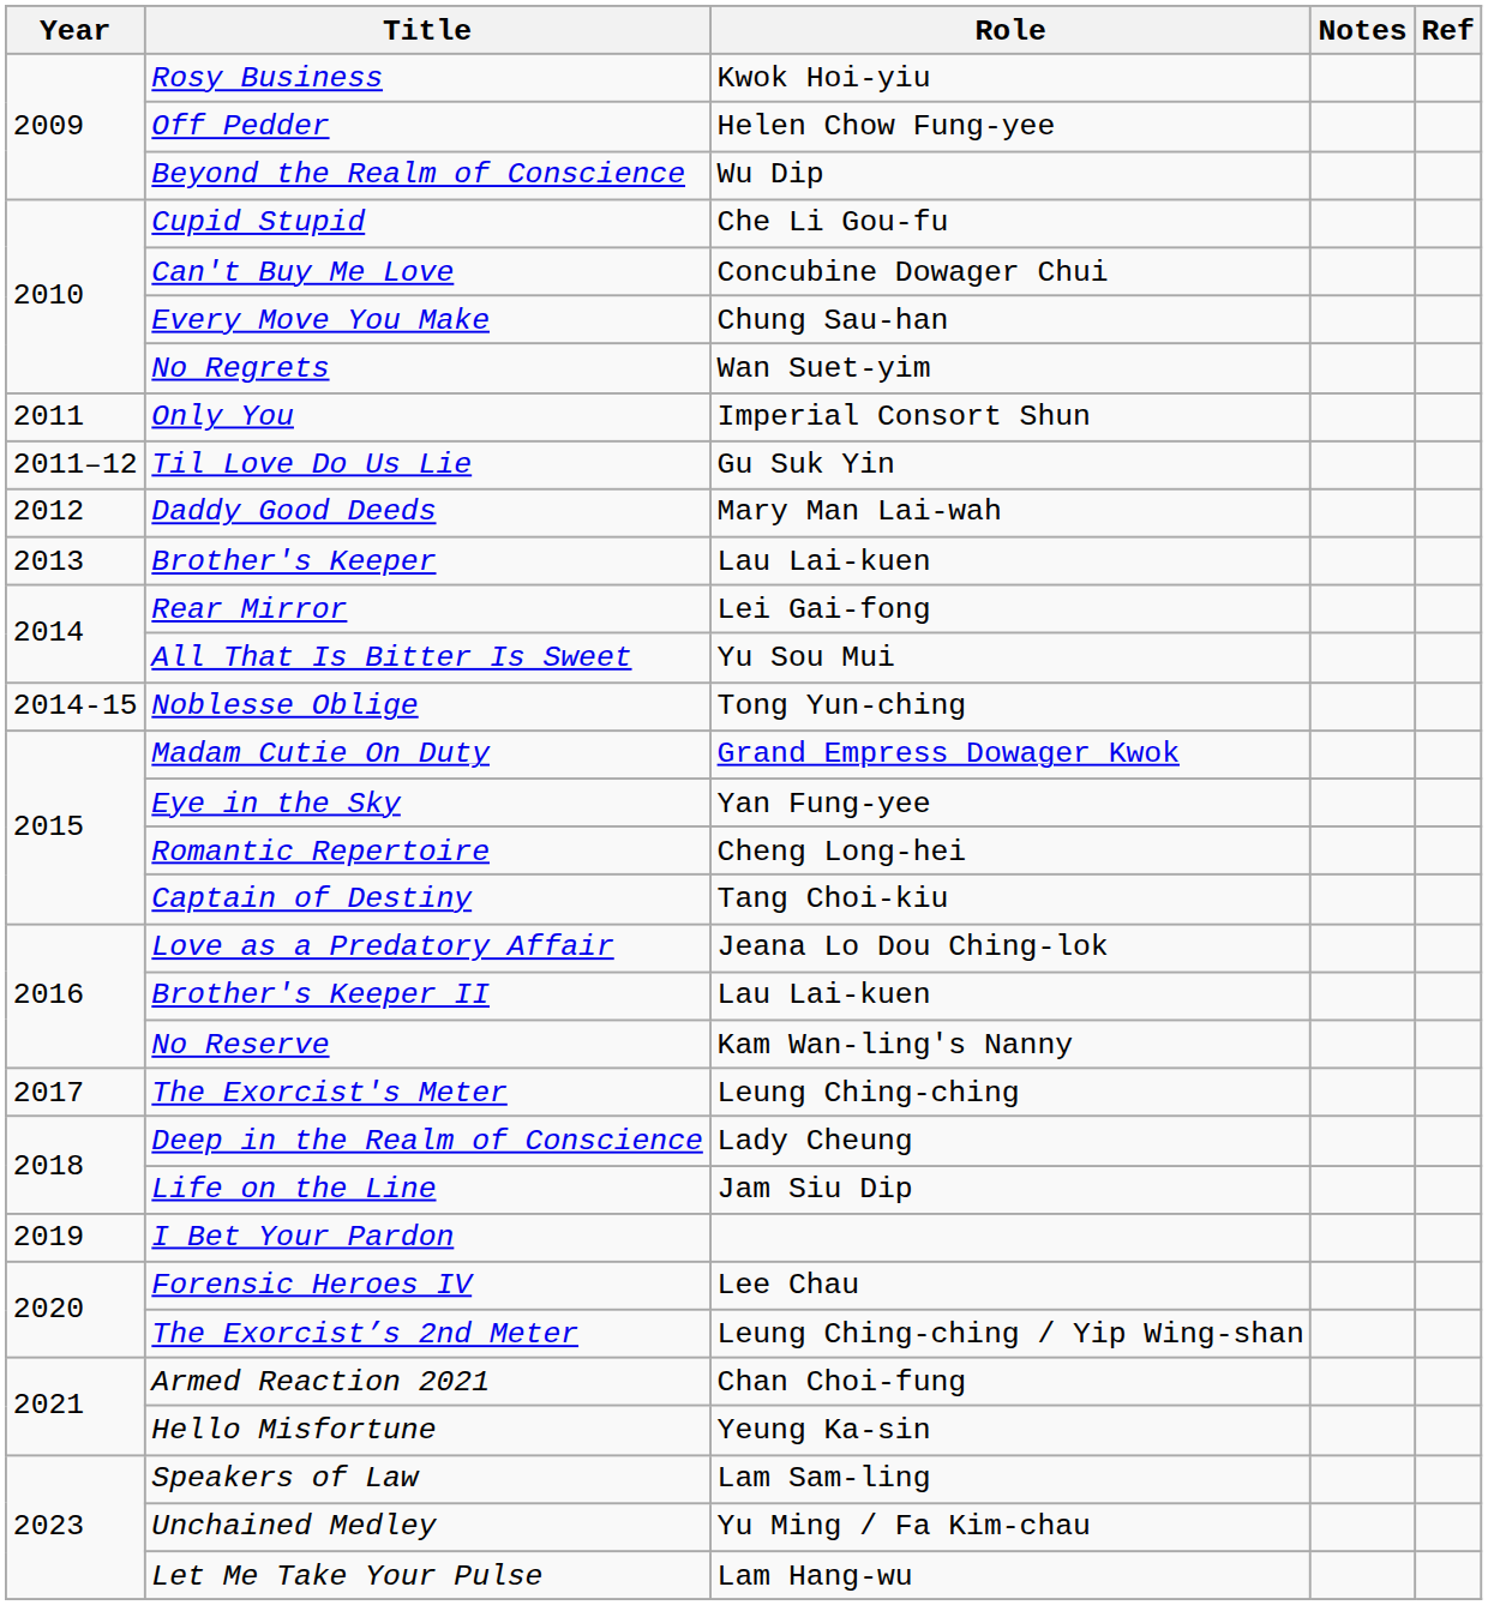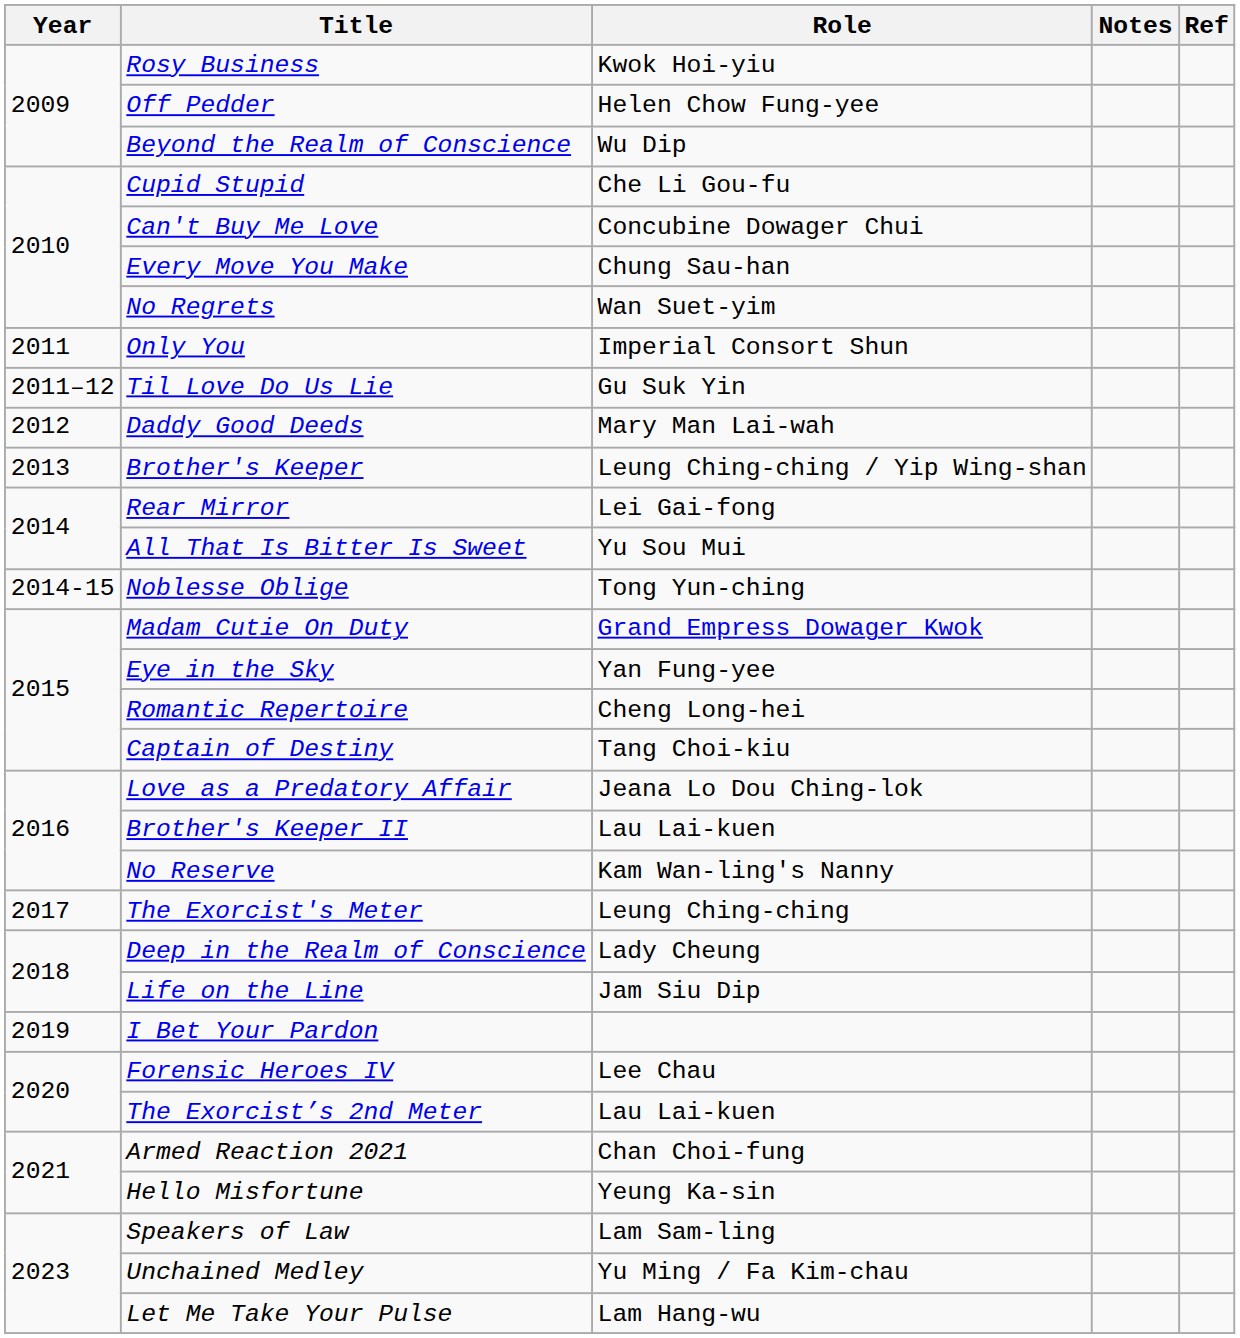 <table class="wikitable">
 <tr>
 <th>Year</th>
 <th>Title</th>
 <th>Role</th>
 <th>Notes</th>
 <th>Ref</th>
 </tr>
 <tr>
 <td rowspan="3">2009</td>
 <td><em><a href='#'>Rosy Business</a></em></td>
 <td>Kwok Hoi-yiu</td>
 <td></td>
 <td></td>
 </tr>
 <tr>
 <td><em><a href='#'>Off Pedder</a></em></td>
 <td>Helen Chow Fung-yee</td>
 <td></td>
 <td></td>
 </tr>
 <tr>
 <td><em><a href='#'>Beyond the Realm of Conscience</a></em></td>
 <td>Wu Dip</td>
 <td></td>
 <td></td>
 </tr>
 <tr>
 <td rowspan="4">2010</td>
 <td><em><a href='#'>Cupid Stupid</a></em></td>
 <td>Che Li Gou-fu</td>
 <td></td>
 <td></td>
 </tr>
 <tr>
 <td><em><a href='#'>Can't Buy Me Love</a></em></td>
 <td>Concubine Dowager Chui</td>
 <td></td>
 <td></td>
 </tr>
 <tr>
 <td><em><a href='#'>Every Move You Make</a></em></td>
 <td>Chung Sau-han</td>
 <td></td>
 <td></td>
 </tr>
 <tr>
 <td><em><a href='#'>No Regrets</a></em></td>
 <td>Wan Suet-yim</td>
 <td></td>
 <td></td>
 </tr>
 <tr>
 <td>2011</td>
 <td><em><a href='#'>Only You</a></em></td>
 <td>Imperial Consort Shun</td>
 <td></td>
 <td></td>
 </tr>
 <tr>
 <td>2011–12</td>
 <td><em><a href='#'>Til Love Do Us Lie</a></em></td>
 <td>Gu Suk Yin</td>
 <td></td>
 <td></td>
 </tr>
 <tr>
 <td>2012</td>
 <td><em><a href='#'>Daddy Good Deeds</a></em></td>
 <td>Mary Man Lai-wah</td>
 <td></td>
 <td></td>
 </tr>
 <tr>
 <td>2013</td>
 <td><em><a href='#'>Brother's Keeper</a></em></td>
-<td>Lau Lai-kuen</td>
+<td>Leung Ching-ching / Yip Wing-shan</td>
 <td></td>
 <td></td>
 </tr>
 <tr>
 <td rowspan="2">2014</td>
 <td><em><a href='#'>Rear Mirror</a></em></td>
 <td>Lei Gai-fong</td>
 <td></td>
 <td></td>
 </tr>
 <tr>
 <td><em><a href='#'>All That Is Bitter Is Sweet</a></em></td>
 <td>Yu Sou Mui</td>
 <td></td>
 <td></td>
 </tr>
 <tr>
 <td>2014-15</td>
 <td><em><a href='#'>Noblesse Oblige</a></em></td>
 <td>Tong Yun-ching</td>
 <td></td>
 <td></td>
 </tr>
 <tr>
 <td rowspan="4">2015</td>
 <td><em><a href='#'>Madam Cutie On Duty</a></em></td>
 <td><a href='#'>Grand Empress Dowager Kwok</a></td>
 <td></td>
 <td></td>
 </tr>
 <tr>
 <td><em><a href='#'>Eye in the Sky</a></em></td>
 <td>Yan Fung-yee</td>
 <td></td>
 <td></td>
 </tr>
 <tr>
 <td><em><a href='#'>Romantic Repertoire</a></em></td>
 <td>Cheng Long-hei</td>
 <td></td>
 <td></td>
 </tr>
 <tr>
 <td><em><a href='#'>Captain of Destiny</a></em></td>
 <td>Tang Choi-kiu</td>
 <td></td>
 <td></td>
 </tr>
 <tr>
 <td rowspan="3">2016</td>
 <td><em><a href='#'>Love as a Predatory Affair</a></em></td>
 <td>Jeana Lo Dou Ching-lok</td>
 <td></td>
 <td></td>
 </tr>
 <tr>
 <td><em><a href='#'>Brother's Keeper II</a></em></td>
 <td>Lau Lai-kuen</td>
 <td></td>
 <td></td>
 </tr>
 <tr>
 <td><em><a href='#'>No Reserve</a></em></td>
 <td>Kam Wan-ling's Nanny</td>
 <td></td>
 <td></td>
 </tr>
 <tr>
 <td>2017</td>
 <td><em><a href='#'>The Exorcist's Meter</a></em></td>
 <td>Leung Ching-ching</td>
 <td></td>
 <td></td>
 </tr>
 <tr>
 <td rowspan="2">2018</td>
 <td><em><a href='#'>Deep in the Realm of Conscience</a></em></td>
 <td>Lady Cheung</td>
 <td></td>
 <td></td>
 </tr>
 <tr>
 <td><em><a href='#'>Life on the Line</a></em></td>
 <td>Jam Siu Dip</td>
 <td></td>
 <td></td>
 </tr>
 <tr>
 <td>2019</td>
 <td><em><a href='#'>I Bet Your Pardon</a></em></td>
 <td></td>
 <td></td>
 <td></td>
 </tr>
 <tr>
 <td rowspan="2">2020</td>
 <td><em><a href='#'>Forensic Heroes IV</a></em></td>
 <td>Lee Chau</td>
 <td></td>
 <td></td>
 </tr>
 <tr>
 <td><em><a href='#'>The Exorcist’s 2nd Meter</a></em></td>
-<td>Leung Ching-ching / Yip Wing-shan</td>
+<td>Lau Lai-kuen</td>
 <td></td>
 <td></td>
 </tr>
 <tr>
 <td rowspan="2">2021</td>
 <td><em>Armed Reaction 2021</em></td>
 <td>Chan Choi-fung</td>
 <td></td>
 <td></td>
 </tr>
 <tr>
 <td><em>Hello Misfortune</em></td>
 <td>Yeung Ka-sin</td>
 <td></td>
 <td></td>
 </tr>
 <tr>
 <td rowspan="3">2023</td>
 <td><em>Speakers of Law</em></td>
 <td>Lam Sam-ling</td>
 <td></td>
 <td></td>
 </tr>
 <tr>
 <td><em>Unchained Medley</em></td>
 <td>Yu Ming / Fa Kim-chau</td>
 <td></td>
 <td></td>
 </tr>
 <tr>
 <td><em>Let Me Take Your Pulse</em></td>
 <td>Lam Hang-wu</td>
 <td></td>
 <td></td>
 </tr>
 </table>
